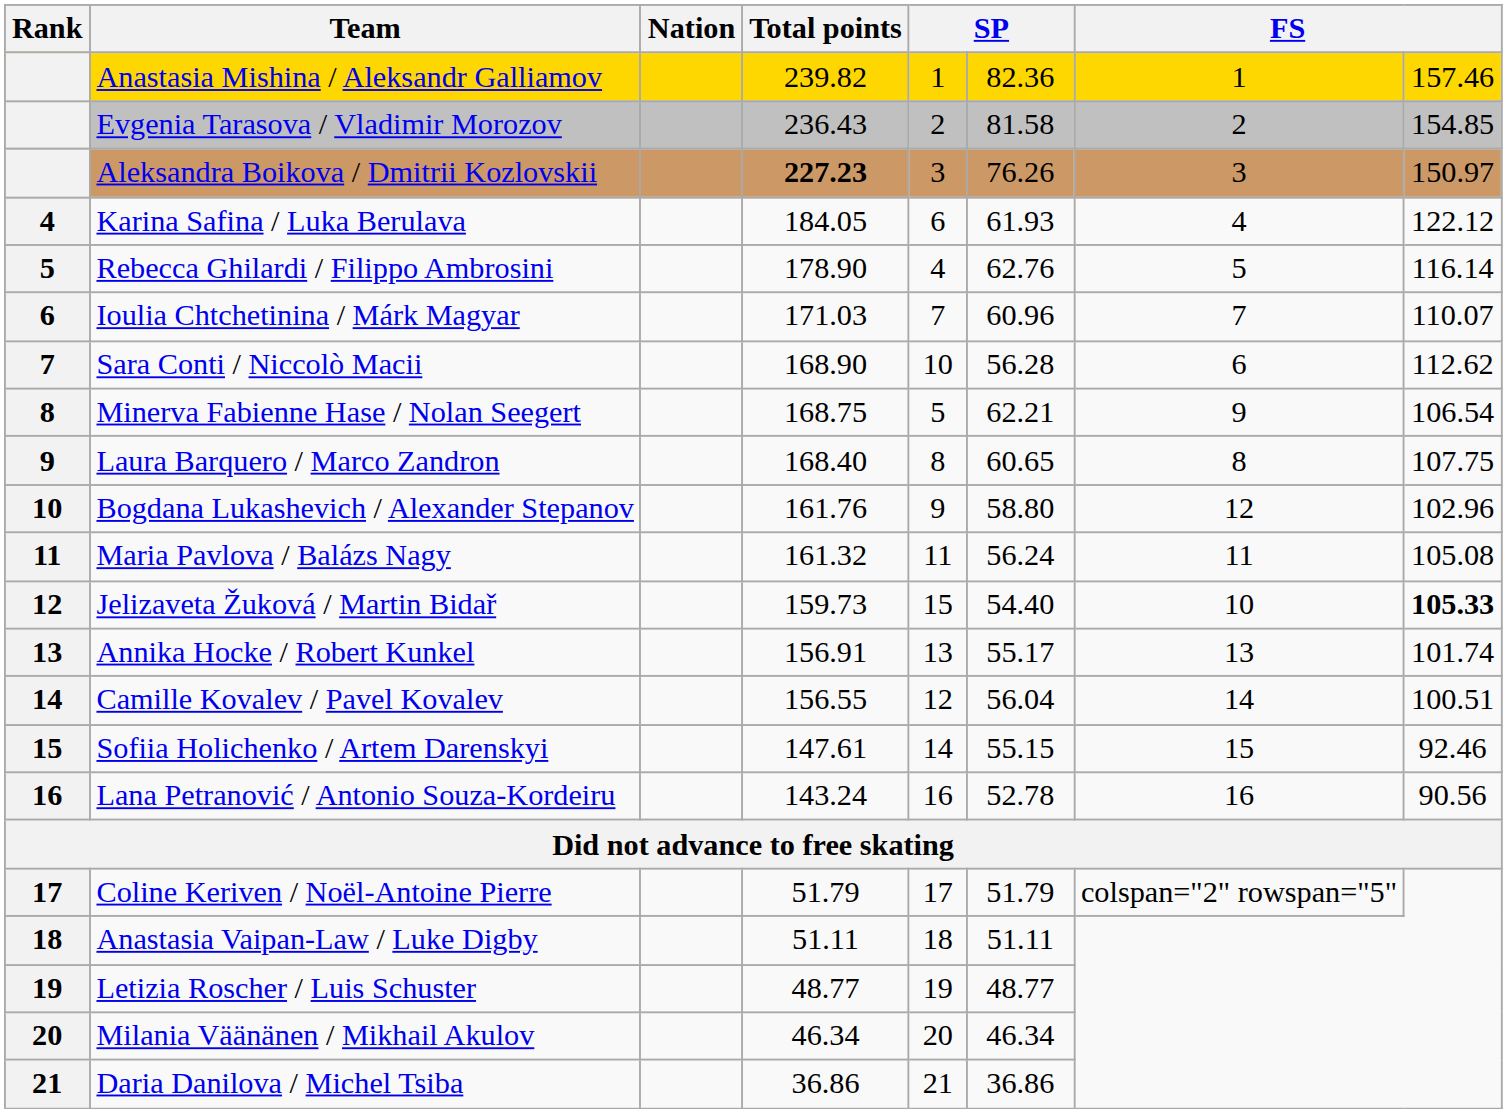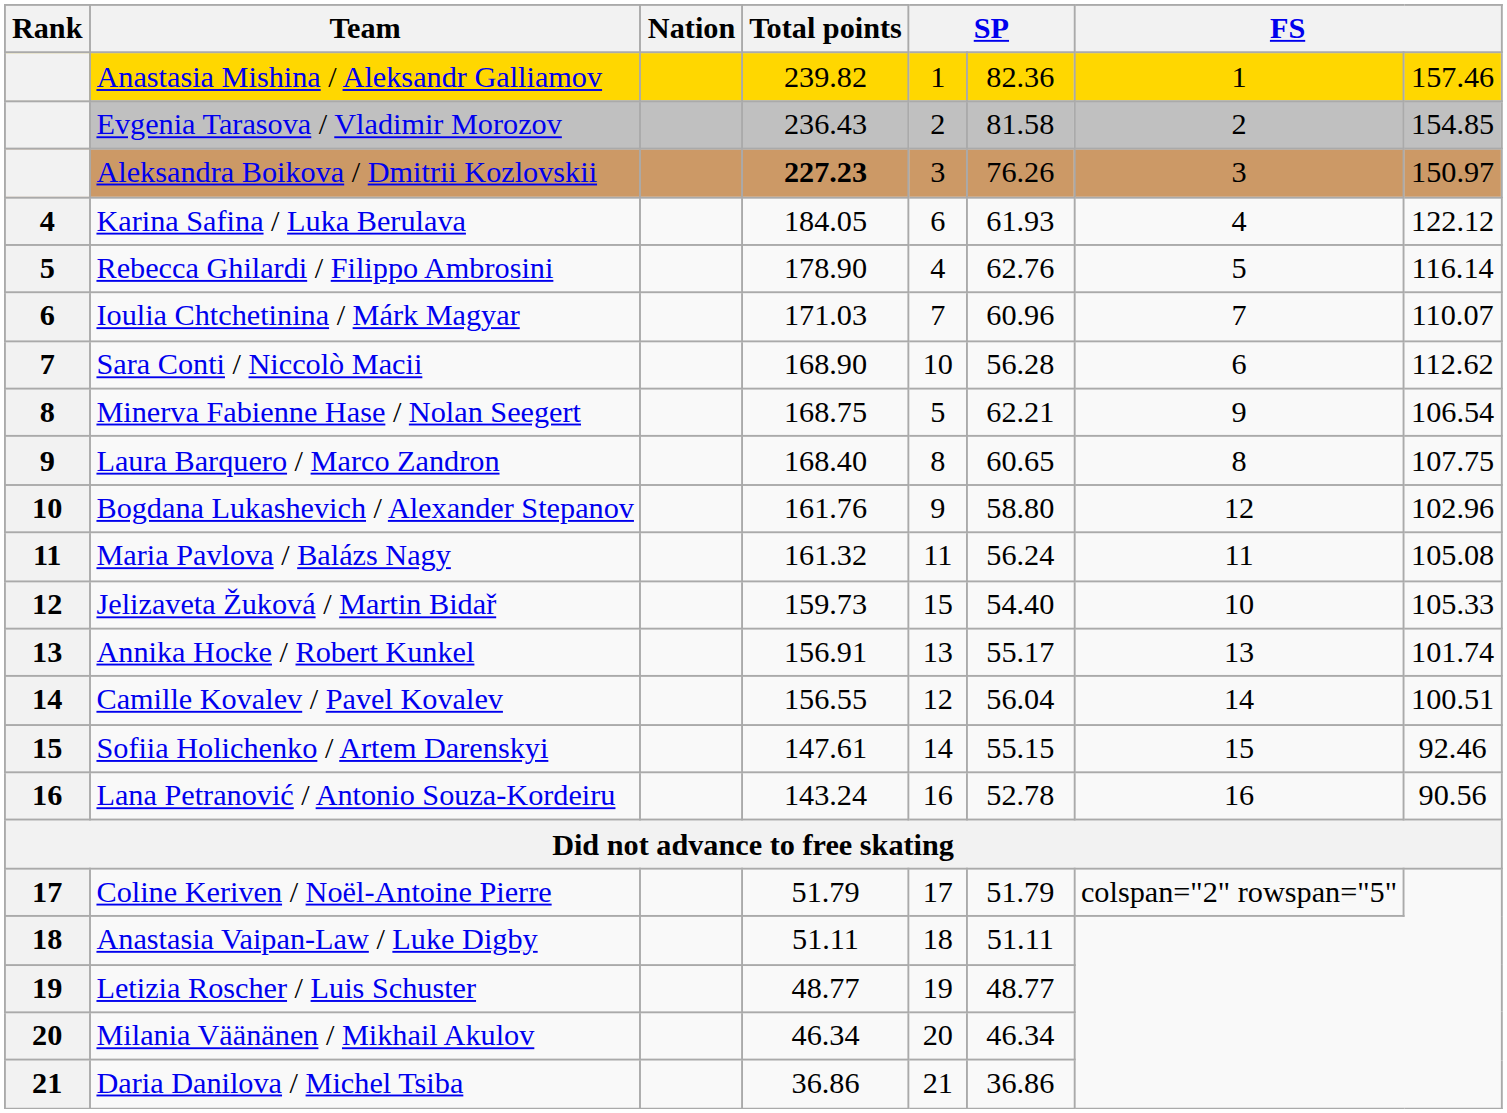 <table class="wikitable sortable" style="text-align:left">
 <tr>
 <th scope="col">Rank</th>
 <th scope="col">Team</th>
 <th scope="col">Nation</th>
 <th scope="col">Total points</th>
 <th colspan="2" scope="col" width="80px"><a href='#'>SP</a></th>
 <th colspan="2" scope="col" width="80px"><a href='#'>FS</a></th>
 </tr>
 <tr bgcolor="gold">
 <th scope="row"></th>
 <td><a href='#'>Anastasia Mishina</a> / <a href='#'>Aleksandr Galliamov</a></td>
 <td></td>
 <td align="center">239.82</td>
 <td align="center">1</td>
 <td align="center">82.36</td>
 <td align="center">1</td>
 <td align="center">157.46</td>
 </tr>
 <tr bgcolor="silver">
 <th scope="row"></th>
 <td><a href='#'>Evgenia Tarasova</a> / <a href='#'>Vladimir Morozov</a></td>
 <td></td>
 <td align="center">236.43</td>
 <td align="center">2</td>
 <td align="center">81.58</td>
 <td align="center">2</td>
 <td align="center">154.85</td>
 </tr>
 <tr bgcolor="#cc9966">
 <th scope="row"></th>
 <td><a href='#'>Aleksandra Boikova</a> / <a href='#'>Dmitrii Kozlovskii</a></td>
 <td></td>
 <td align="center"><strong>227.23</strong></td>
 <td align="center">3</td>
 <td align="center">76.26</td>
 <td align="center">3</td>
 <td align="center">150.97</td>
 </tr>
 <tr>
 <th scope="row">4</th>
 <td><a href='#'>Karina Safina</a> / <a href='#'>Luka Berulava</a></td>
 <td></td>
 <td align="center">184.05</td>
 <td align="center">6</td>
 <td align="center">61.93</td>
 <td align="center">4</td>
 <td align="center">122.12</td>
 </tr>
 <tr>
 <th scope="row">5</th>
 <td><a href='#'>Rebecca Ghilardi</a> / <a href='#'>Filippo Ambrosini</a></td>
 <td></td>
 <td align="center">178.90</td>
 <td align="center">4</td>
 <td align="center">62.76</td>
 <td align="center">5</td>
 <td align="center">116.14</td>
 </tr>
 <tr>
 <th scope="row">6</th>
 <td><a href='#'>Ioulia Chtchetinina</a> / <a href='#'>Márk Magyar</a></td>
 <td></td>
 <td align="center">171.03</td>
 <td align="center">7</td>
 <td align="center">60.96</td>
 <td align="center">7</td>
 <td align="center">110.07</td>
 </tr>
 <tr>
 <th scope="row">7</th>
 <td><a href='#'>Sara Conti</a> / <a href='#'>Niccolò Macii</a></td>
 <td></td>
 <td align="center">168.90</td>
 <td align="center">10</td>
 <td align="center">56.28</td>
 <td align="center">6</td>
 <td align="center">112.62</td>
 </tr>
 <tr>
 <th scope="row">8</th>
 <td><a href='#'>Minerva Fabienne Hase</a> / <a href='#'>Nolan Seegert</a></td>
 <td></td>
 <td align="center">168.75</td>
 <td align="center">5</td>
 <td align="center">62.21</td>
 <td align="center">9</td>
 <td align="center">106.54</td>
 </tr>
 <tr>
 <th scope="row">9</th>
 <td><a href='#'>Laura Barquero</a> / <a href='#'>Marco Zandron</a></td>
 <td></td>
 <td align="center">168.40</td>
 <td align="center">8</td>
 <td align="center">60.65</td>
 <td align="center">8</td>
 <td align="center">107.75</td>
 </tr>
 <tr>
 <th scope="row">10</th>
 <td><a href='#'>Bogdana Lukashevich</a> / <a href='#'>Alexander Stepanov</a></td>
 <td></td>
 <td align="center">161.76</td>
 <td align="center">9</td>
 <td align="center">58.80</td>
 <td align="center">12</td>
 <td align="center">102.96</td>
 </tr>
 <tr>
 <th scope="row">11</th>
 <td><a href='#'>Maria Pavlova</a> / <a href='#'>Balázs Nagy</a></td>
 <td></td>
 <td align="center">161.32</td>
 <td align="center">11</td>
 <td align="center">56.24</td>
 <td align="center">11</td>
 <td align="center">105.08</td>
 </tr>
 <tr>
 <th scope="row">12</th>
 <td><a href='#'>Jelizaveta Žuková</a> / <a href='#'>Martin Bidař</a></td>
 <td></td>
 <td align="center">159.73</td>
 <td align="center">15</td>
 <td align="center">54.40</td>
 <td align="center">10</td>
-<td align="center"><strong>105.33</strong></td>
+<td align="center">105.33</td>
 </tr>
 <tr>
 <th scope="row">13</th>
 <td><a href='#'>Annika Hocke</a> / <a href='#'>Robert Kunkel</a></td>
 <td></td>
 <td align="center">156.91</td>
 <td align="center">13</td>
 <td align="center">55.17</td>
 <td align="center">13</td>
 <td align="center">101.74</td>
 </tr>
 <tr>
 <th scope="row">14</th>
 <td><a href='#'>Camille Kovalev</a> / <a href='#'>Pavel Kovalev</a></td>
 <td></td>
 <td align="center">156.55</td>
 <td align="center">12</td>
 <td align="center">56.04</td>
 <td align="center">14</td>
 <td align="center">100.51</td>
 </tr>
 <tr>
 <th scope="row">15</th>
 <td><a href='#'>Sofiia Holichenko</a> / <a href='#'>Artem Darenskyi</a></td>
 <td></td>
 <td align="center">147.61</td>
 <td align="center">14</td>
 <td align="center">55.15</td>
 <td align="center">15</td>
 <td align="center">92.46</td>
 </tr>
 <tr>
 <th scope="row">16</th>
 <td><a href='#'>Lana Petranović</a> / <a href='#'>Antonio Souza-Kordeiru</a></td>
 <td></td>
 <td align="center">143.24</td>
 <td align="center">16</td>
 <td align="center">52.78</td>
 <td align="center">16</td>
 <td align="center">90.56</td>
 </tr>
 <tr>
 <th colspan=8>Did not advance to free skating</th>
 </tr>
 <tr>
 <th scope="row">17</th>
 <td><a href='#'>Coline Keriven</a> / <a href='#'>Noël-Antoine Pierre</a></td>
 <td></td>
 <td align="center">51.79</td>
 <td align="center">17</td>
 <td align="center">51.79</td>
 <td>colspan="2" rowspan="5" </td>
 </tr>
 <tr>
 <th scope="row">18</th>
 <td><a href='#'>Anastasia Vaipan-Law</a> / <a href='#'>Luke Digby</a></td>
 <td></td>
 <td align="center">51.11</td>
 <td align="center">18</td>
 <td align="center">51.11</td>
 </tr>
 <tr>
 <th scope="row">19</th>
 <td><a href='#'>Letizia Roscher</a> / <a href='#'>Luis Schuster</a></td>
 <td></td>
 <td align="center">48.77</td>
 <td align="center">19</td>
 <td align="center">48.77</td>
 </tr>
 <tr>
 <th scope="row">20</th>
 <td><a href='#'>Milania Väänänen</a> / <a href='#'>Mikhail Akulov</a></td>
 <td></td>
 <td align="center">46.34</td>
 <td align="center">20</td>
 <td align="center">46.34</td>
 </tr>
 <tr>
 <th scope="row">21</th>
 <td><a href='#'>Daria Danilova</a> / <a href='#'>Michel Tsiba</a></td>
 <td></td>
 <td align="center">36.86</td>
 <td align="center">21</td>
 <td align="center">36.86</td>
 </tr>
 </table>
